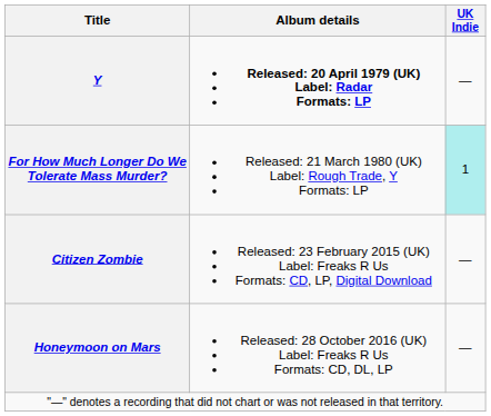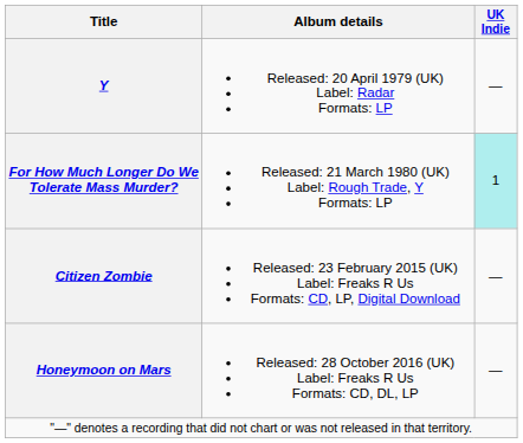 <table class="wikitable plainrowheaders" style="text-align:center;">
 <tr>
 <th scope="col" rowspan="1" style="width:14em;">Title</th>
 <th scope="col" rowspan="1" style="width:19.5em;">Album details</th>
 <th scope="col" rowspan="1" style="width:3em;font-size:90%;"><a href='#'>UK Indie</a><br></th>
 </tr>
 <tr>
 <th scope="row"><em><a href='#'>Y</a></em></th>
-<td><strong><br><ul><li>Released: 20 April 1979 <span>(UK)</span></li><li>Label: <a href='#'>Radar</a></li><li>Formats: <a href='#'>LP</a></li></ul></strong></td>
+<td><br><ul><li>Released: 20 April 1979 <span>(UK)</span></li><li>Label: <a href='#'>Radar</a></li><li>Formats: <a href='#'>LP</a></li></ul></td>
 <td>—</td>
 </tr>
 <tr>
 <th scope="row"><em><a href='#'>For How Much Longer Do We Tolerate Mass Murder?</a></em></th>
 <td><br><ul><li>Released: 21 March 1980 <span>(UK)</span></li><li>Label: <a href='#'>Rough Trade</a>, <a href='#'>Y</a></li><li>Formats: LP</li></ul></td>
 <td style="background: paleturquoise;">1</td>
 </tr>
 <tr>
 <th scope="row"><em><a href='#'>Citizen Zombie</a></em></th>
 <td><br><ul><li>Released: 23 February 2015 <span> (UK)</span></li><li>Label: Freaks R Us</li><li>Formats: <a href='#'>CD</a>, LP, <a href='#'>Digital Download</a></li></ul></td>
 <td>—</td>
 </tr>
 <tr>
 <th scope="row"><em><a href='#'>Honeymoon on Mars</a></em></th>
 <td><br><ul><li>Released: 28 October 2016 <span> (UK)</span></li><li>Label: Freaks R Us</li><li>Formats: CD, DL, LP</li></ul></td>
 <td>—</td>
 </tr>
 <tr>
 <td colspan="6" style="font-size:90%">"—" denotes a recording that did not chart or was not released in that territory.</td>
 </tr>
 </table>
